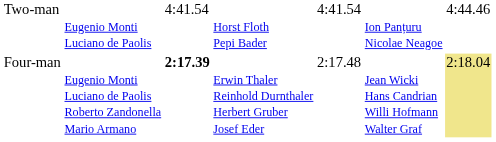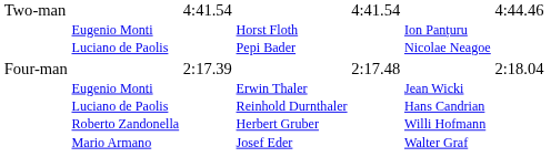 <table>
 <tr valign="top">
 <td>Two-man <br></td>
 <td><br> <small><a href='#'>Eugenio Monti</a><br><a href='#'>Luciano de Paolis</a></small></td>
 <td>4:41.54</td>
 <td><br> <small><a href='#'>Horst Floth</a><br><a href='#'>Pepi Bader</a></small></td>
 <td>4:41.54</td>
 <td><br><small> <a href='#'>Ion Panțuru</a><br><a href='#'>Nicolae Neagoe</a></small></td>
 <td>4:44.46</td>
 </tr>
 <tr valign="top">
 <td>Four-man <br></td>
 <td><br><small> <a href='#'>Eugenio Monti</a> <br> <a href='#'>Luciano de Paolis</a> <br> <a href='#'>Roberto Zandonella</a> <br>  <a href='#'>Mario Armano</a></small></td>
-<td><strong>2:17.39</strong></td>
+<td>2:17.39</td>
 <td><br><small> <a href='#'>Erwin Thaler</a> <br> <a href='#'>Reinhold Durnthaler</a> <br> <a href='#'>Herbert Gruber</a> <br> <a href='#'>Josef Eder</a></small></td>
 <td>2:17.48</td>
 <td><br><small> <a href='#'>Jean Wicki</a><br> <a href='#'>Hans Candrian</a> <br> <a href='#'>Willi Hofmann</a> <br> <a href='#'>Walter Graf</a></small></td>
-<td style="background: khaki;">2:18.04</td>
+<td>2:18.04</td>
 </tr>
 </table>
